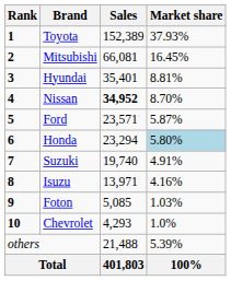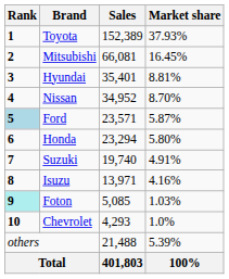 <table class="wikitable" align="left" style="text-align: left; font-size:90%;">
 <tr>
 <th>Rank</th>
 <th>Brand</th>
 <th>Sales</th>
 <th>Market share</th>
 </tr>
 <tr>
 <td><strong>1</strong></td>
 <td><a href='#'>Toyota</a></td>
 <td>152,389</td>
 <td>37.93%</td>
 </tr>
 <tr>
 <td><strong>2</strong></td>
 <td><a href='#'>Mitsubishi</a></td>
 <td>66,081</td>
 <td>16.45%</td>
 </tr>
 <tr>
 <td><strong>3</strong></td>
 <td><a href='#'>Hyundai</a></td>
 <td>35,401</td>
 <td>8.81%</td>
 </tr>
 <tr>
 <td><strong>4</strong></td>
 <td><a href='#'>Nissan</a></td>
-<td><strong>34,952</strong></td>
+<td>34,952</td>
 <td>8.70%</td>
 </tr>
 <tr>
-<td><strong>5</strong></td>
+<td style="background: lightblue;"><strong>5</strong></td>
 <td><a href='#'>Ford</a></td>
 <td>23,571</td>
 <td>5.87%</td>
 </tr>
 <tr>
 <td><strong>6</strong></td>
 <td><a href='#'>Honda</a></td>
 <td>23,294</td>
-<td style="background: lightblue;">5.80%</td>
+<td>5.80%</td>
 </tr>
 <tr>
 <td><strong>7</strong></td>
 <td><a href='#'>Suzuki</a></td>
 <td>19,740</td>
 <td>4.91%</td>
 </tr>
 <tr>
 <td><strong>8</strong></td>
 <td><a href='#'>Isuzu</a></td>
 <td>13,971</td>
 <td>4.16%</td>
 </tr>
 <tr>
-<td><strong>9</strong></td>
+<td style="background: paleturquoise;"><strong>9</strong></td>
 <td><a href='#'>Foton</a></td>
 <td>5,085</td>
 <td>1.03%</td>
 </tr>
 <tr>
 <td><strong>10</strong></td>
 <td><a href='#'>Chevrolet</a></td>
 <td>4,293</td>
 <td>1.0%</td>
 </tr>
 <tr>
 <td colspan="2"><em>others</em></td>
 <td>21,488</td>
 <td>5.39%</td>
 </tr>
 <tr>
 <th colspan="2">Total</th>
 <th>401,803</th>
 <th>100%</th>
 </tr>
 </table>
